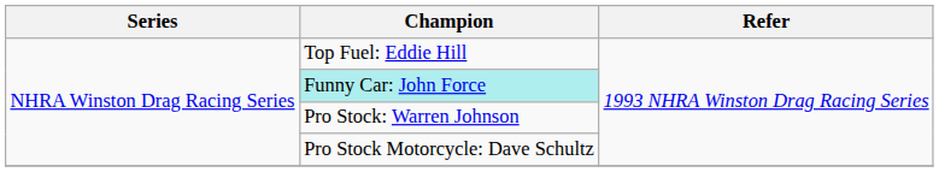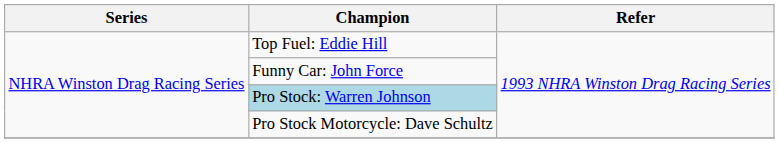 <table class="wikitable" style="font-size:87%;">
 <tr>
 <th>Series</th>
 <th>Champion</th>
 <th>Refer</th>
 </tr>
 <tr>
 <td rowspan=4><a href='#'>NHRA Winston Drag Racing Series</a></td>
 <td>Top Fuel:  <a href='#'>Eddie Hill</a></td>
 <td rowspan=4><em><a href='#'>1993 NHRA Winston Drag Racing Series</a></em></td>
 </tr>
 <tr>
-<td style="background: paleturquoise;">Funny Car:  <a href='#'>John Force</a></td>
+<td>Funny Car:  <a href='#'>John Force</a></td>
 </tr>
 <tr>
-<td>Pro Stock:  <a href='#'>Warren Johnson</a></td>
+<td style="background: lightblue;">Pro Stock:  <a href='#'>Warren Johnson</a></td>
 </tr>
 <tr>
 <td>Pro Stock Motorcycle:  Dave Schultz</td>
 </tr>
 <tr>
 </tr>
 </table>
